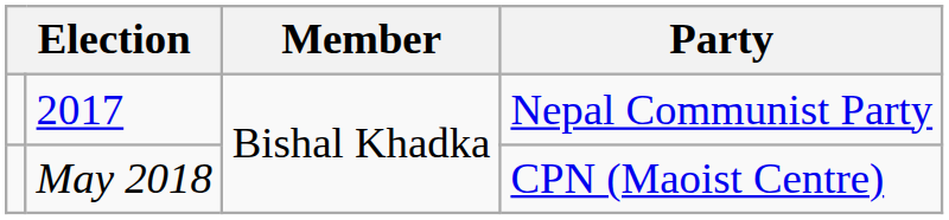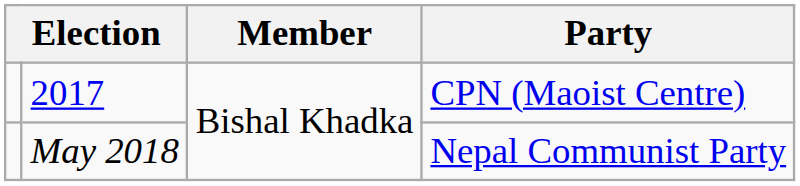 <table class="wikitable">
 <tr>
 <th colspan="2">Election</th>
 <th>Member</th>
 <th>Party</th>
 </tr>
 <tr>
 <td style="background-color:"></td>
 <td><a href='#'>2017</a></td>
 <td rowspan="2">Bishal Khadka</td>
-<td><a href='#'>Nepal Communist Party</a></td>
+<td><a href='#'>CPN (Maoist Centre)</a></td>
 </tr>
 <tr>
 <td style="background-color:"></td>
 <td><em>May 2018</em></td>
-<td><a href='#'>CPN (Maoist Centre)</a></td>
+<td><a href='#'>Nepal Communist Party</a></td>
 </tr>
 </table>
